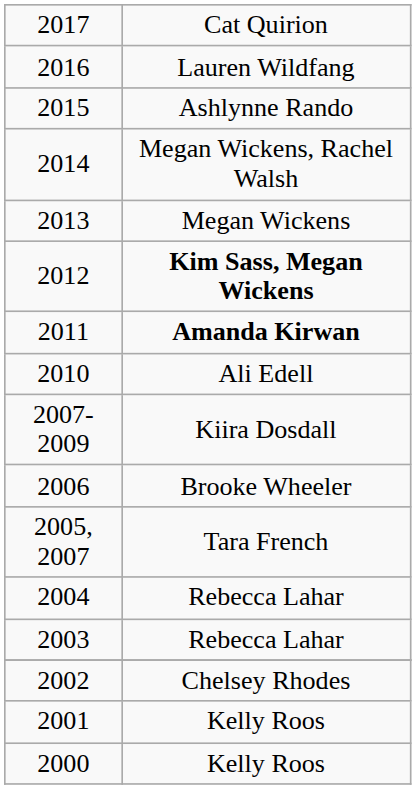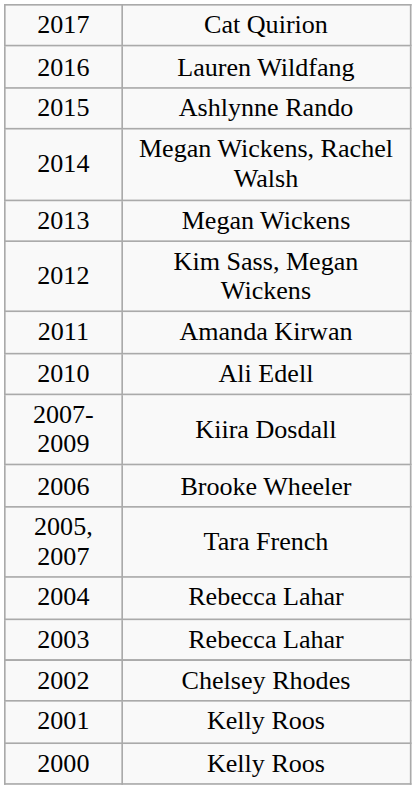 <table class="wikitable" style="width:40%; text-align:center;">
 <tr>
 <td>2017</td>
 <td>Cat Quirion</td>
 </tr>
 <tr>
 <td>2016</td>
 <td>Lauren Wildfang</td>
 </tr>
 <tr>
 <td>2015</td>
 <td>Ashlynne Rando</td>
 </tr>
 <tr>
 <td>2014</td>
 <td>Megan Wickens, Rachel Walsh</td>
 </tr>
 <tr>
 <td>2013</td>
 <td>Megan Wickens</td>
 </tr>
 <tr>
 <td>2012</td>
-<td><strong>Kim Sass, Megan Wickens</strong></td>
+<td>Kim Sass, Megan Wickens</td>
 </tr>
 <tr>
 <td>2011</td>
-<td><strong>Amanda Kirwan</strong></td>
+<td>Amanda Kirwan</td>
 </tr>
 <tr>
 <td>2010</td>
 <td>Ali Edell</td>
 </tr>
 <tr>
 <td>2007-2009</td>
 <td>Kiira Dosdall</td>
 </tr>
 <tr>
 <td>2006</td>
 <td>Brooke Wheeler</td>
 </tr>
 <tr>
 <td>2005, 2007</td>
 <td>Tara French</td>
 </tr>
 <tr>
 <td>2004</td>
 <td>Rebecca Lahar</td>
 </tr>
 <tr>
 <td>2003</td>
 <td>Rebecca Lahar</td>
 </tr>
 <tr>
 </tr>
 <tr>
 <td>2002</td>
 <td>Chelsey Rhodes</td>
 </tr>
 <tr>
 <td>2001</td>
 <td>Kelly Roos</td>
 </tr>
 <tr>
 <td>2000</td>
 <td>Kelly Roos</td>
 </tr>
 </table>
